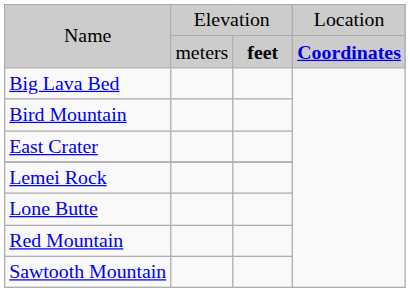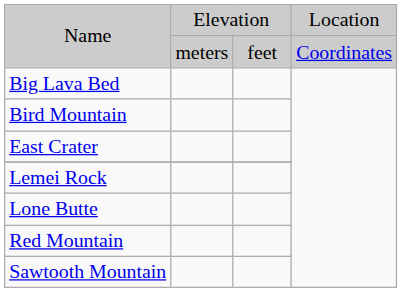 <table class="wikitable">
 <tr style="text-align:center; background:#ccc;">
 <td rowspan="2">Name</td>
 <td colspan ="2">Elevation</td>
 <td>Location</td>
 </tr>
 <tr style="text-align:center; background:#ccc;">
 <td>meters</td>
-<td><strong>  feet  </strong></td>
-<td><strong><a href='#'>Coordinates</a></strong></td>
+<td>  feet  </td>
+<td><a href='#'>Coordinates</a></td>
 </tr>
 <tr class="vcard" style="text-align:right;">
 <td align="left"><a href='#'>Big Lava Bed</a></td>
 <td></td>
 <td></td>
 </tr>
 <tr class="vcard" style="text-align:right;">
 <td align="left"><a href='#'>Bird Mountain</a></td>
 <td></td>
 <td></td>
 </tr>
 <tr class="vcard" style="text-align:right;">
 <td align="left"><a href='#'>East Crater</a></td>
 <td></td>
 <td></td>
 </tr>
 <tr class="vcard" style="text-align:right;">
 </tr>
 <tr class="vcard" style="text-align:right;">
 <td align="left"><a href='#'>Lemei Rock</a></td>
 <td></td>
 <td></td>
 </tr>
 <tr class="vcard" style="text-align:right;">
 <td align="left"><a href='#'>Lone Butte</a></td>
 <td></td>
 <td></td>
 </tr>
 <tr class="vcard" style="text-align:right;">
 <td align="left"><a href='#'>Red Mountain</a></td>
 <td></td>
 <td></td>
 </tr>
 <tr class="vcard" style="text-align:right;">
 <td align="left"><a href='#'>Sawtooth Mountain</a></td>
 <td></td>
 <td></td>
 </tr>
 </table>
